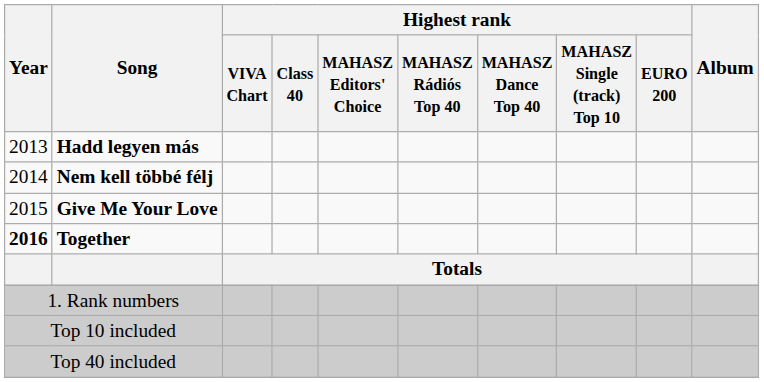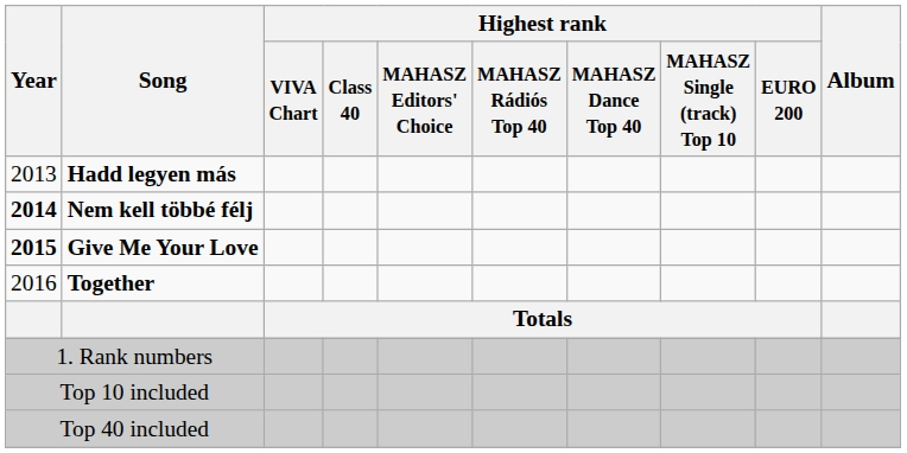 <table class="wikitable">
 <tr>
 <th rowspan="2">Year</th>
 <th rowspan="2">Song</th>
 <th colspan="7">Highest rank</th>
 <th rowspan="2">Album</th>
 </tr>
 <tr>
 <th width="30"><small> VIVA Chart </small></th>
 <th width="30"><small> Class 40 </small></th>
 <th width="30"><small> MAHASZ Editors' Choice </small></th>
 <th width="30"><small> MAHASZ Rádiós Top 40 </small></th>
 <th width="30"><small> MAHASZ Dance Top 40 </small></th>
 <th width="30"><small> MAHASZ Single (track) Top 10 </small></th>
 <th width="30"><small> EURO 200 </small></th>
 </tr>
 <tr>
 <td rowspan="1">2013</td>
 <td><strong>Hadd legyen más</strong></td>
 <td align="center"></td>
 <td align="center"></td>
 <td align="center"></td>
 <td align="center"></td>
 <td align="center"></td>
 <td align="center"></td>
 <td align="center"></td>
 <td></td>
 </tr>
 <tr>
-<td rowspan="1">2014</td>
+<td rowspan="1"><strong>2014</strong></td>
 <td><strong>Nem kell többé félj</strong></td>
 <td align="center"></td>
 <td align="center"></td>
 <td align="center"></td>
 <td align="center"></td>
 <td align="center"></td>
 <td align="center"></td>
 <td align="center"></td>
 <td></td>
 </tr>
 <tr>
-<td rowspan="1">2015</td>
+<td rowspan="1"><strong>2015</strong></td>
 <td><strong>Give Me Your Love</strong></td>
 <td align="center"></td>
 <td align="center"></td>
 <td align="center"></td>
 <td align="center"></td>
 <td align="center"></td>
 <td align="center"></td>
 <td align="center"></td>
 <td></td>
 </tr>
 <tr>
-<td rowspan="1"><strong>2016</strong></td>
+<td rowspan="1">2016</td>
 <td><strong>Together</strong></td>
 <td align="center"></td>
 <td align="center"></td>
 <td align="center"></td>
 <td align="center"></td>
 <td align="center"></td>
 <td align="center"></td>
 <td align="center"></td>
 <td></td>
 </tr>
 <tr>
 <th rowspan="1"></th>
 <th rowspan="1"></th>
 <th colspan="7">Totals</th>
 <th rowspan="1"></th>
 </tr>
 <tr>
 </tr>
 <tr bgcolor="#CCCCCC">
 <td align="center" colspan="2">1. Rank numbers</td>
 <td align="center"></td>
 <td align="center"></td>
 <td align="center"></td>
 <td align="center"></td>
 <td align="center"></td>
 <td align="center"></td>
 <td align="center"></td>
 <td align="center"></td>
 </tr>
 <tr bgcolor="#CCCCCC">
 <td align="center" colspan="2">Top 10 included</td>
 <td align="center"></td>
 <td align="center"></td>
 <td align="center"></td>
 <td align="center"></td>
 <td align="center"></td>
 <td align="center"></td>
 <td align="center"></td>
 <td align="center"></td>
 </tr>
 <tr bgcolor="#CCCCCC">
 <td align="center" colspan="2">Top 40 included</td>
 <td align="center"></td>
 <td align="center"></td>
 <td align="center"></td>
 <td align="center"></td>
 <td align="center"></td>
 <td align="center"></td>
 <td align="center"></td>
 <td align="center"></td>
 </tr>
 <tr>
 </tr>
 </table>
